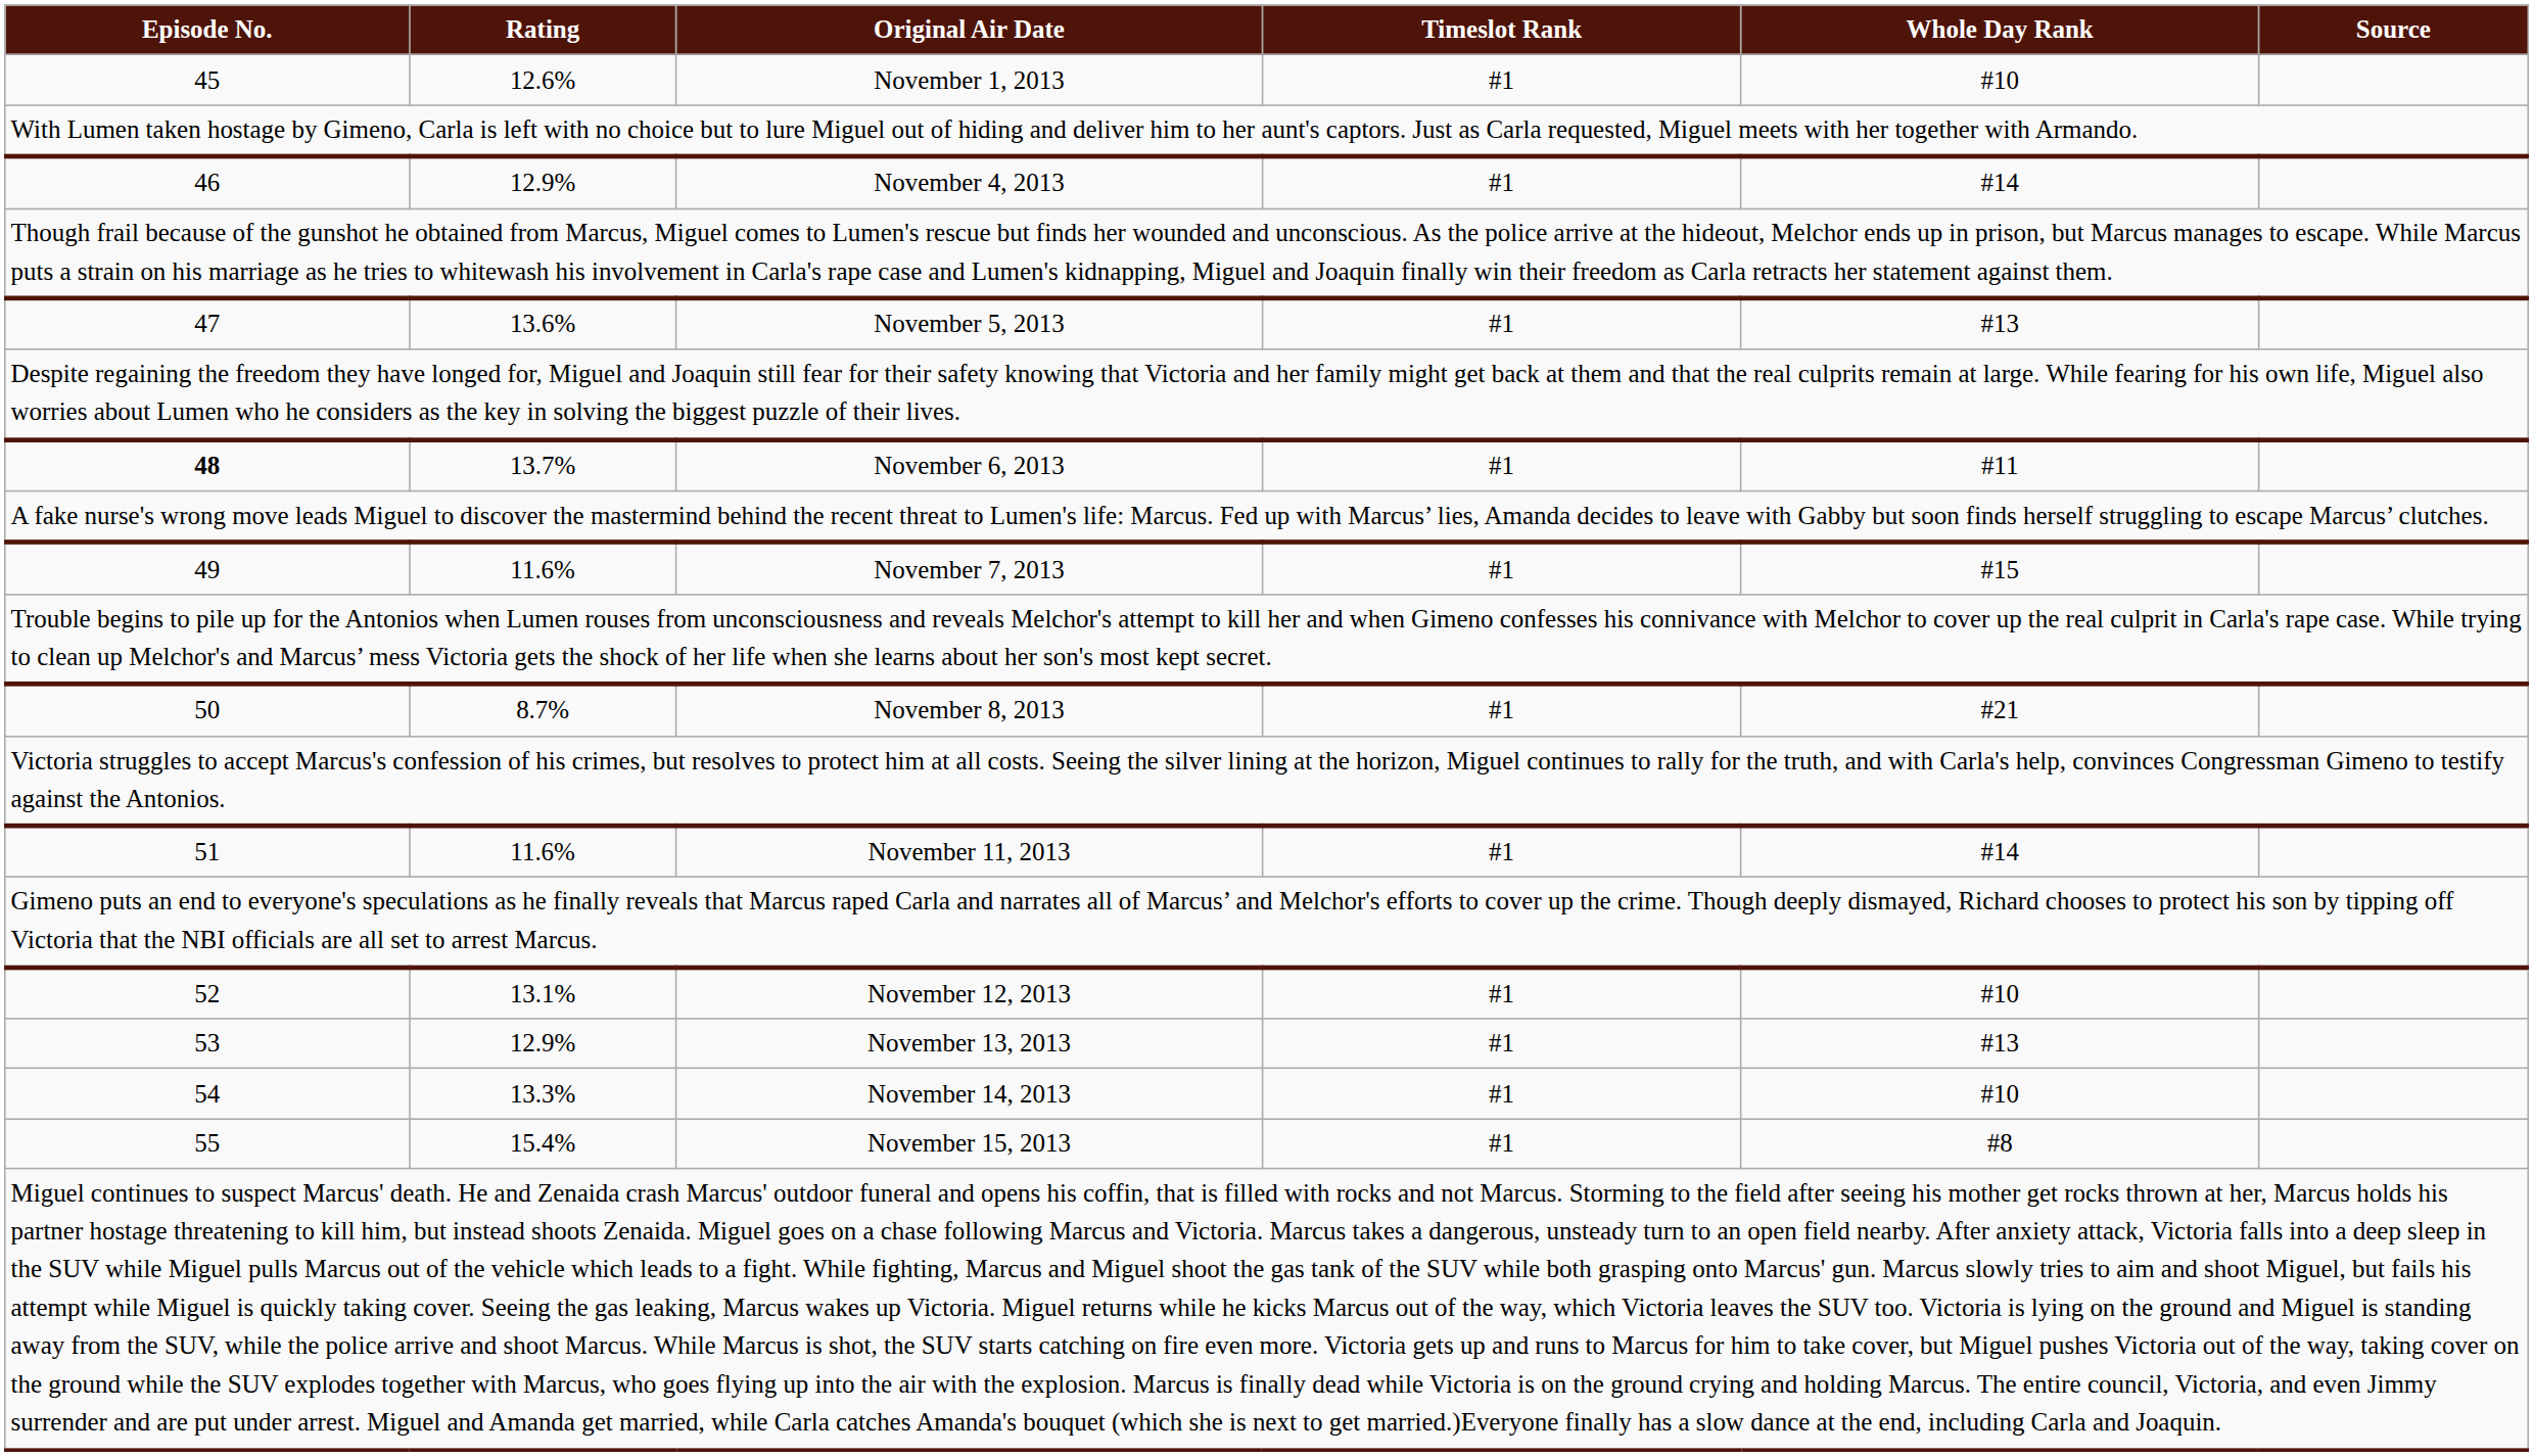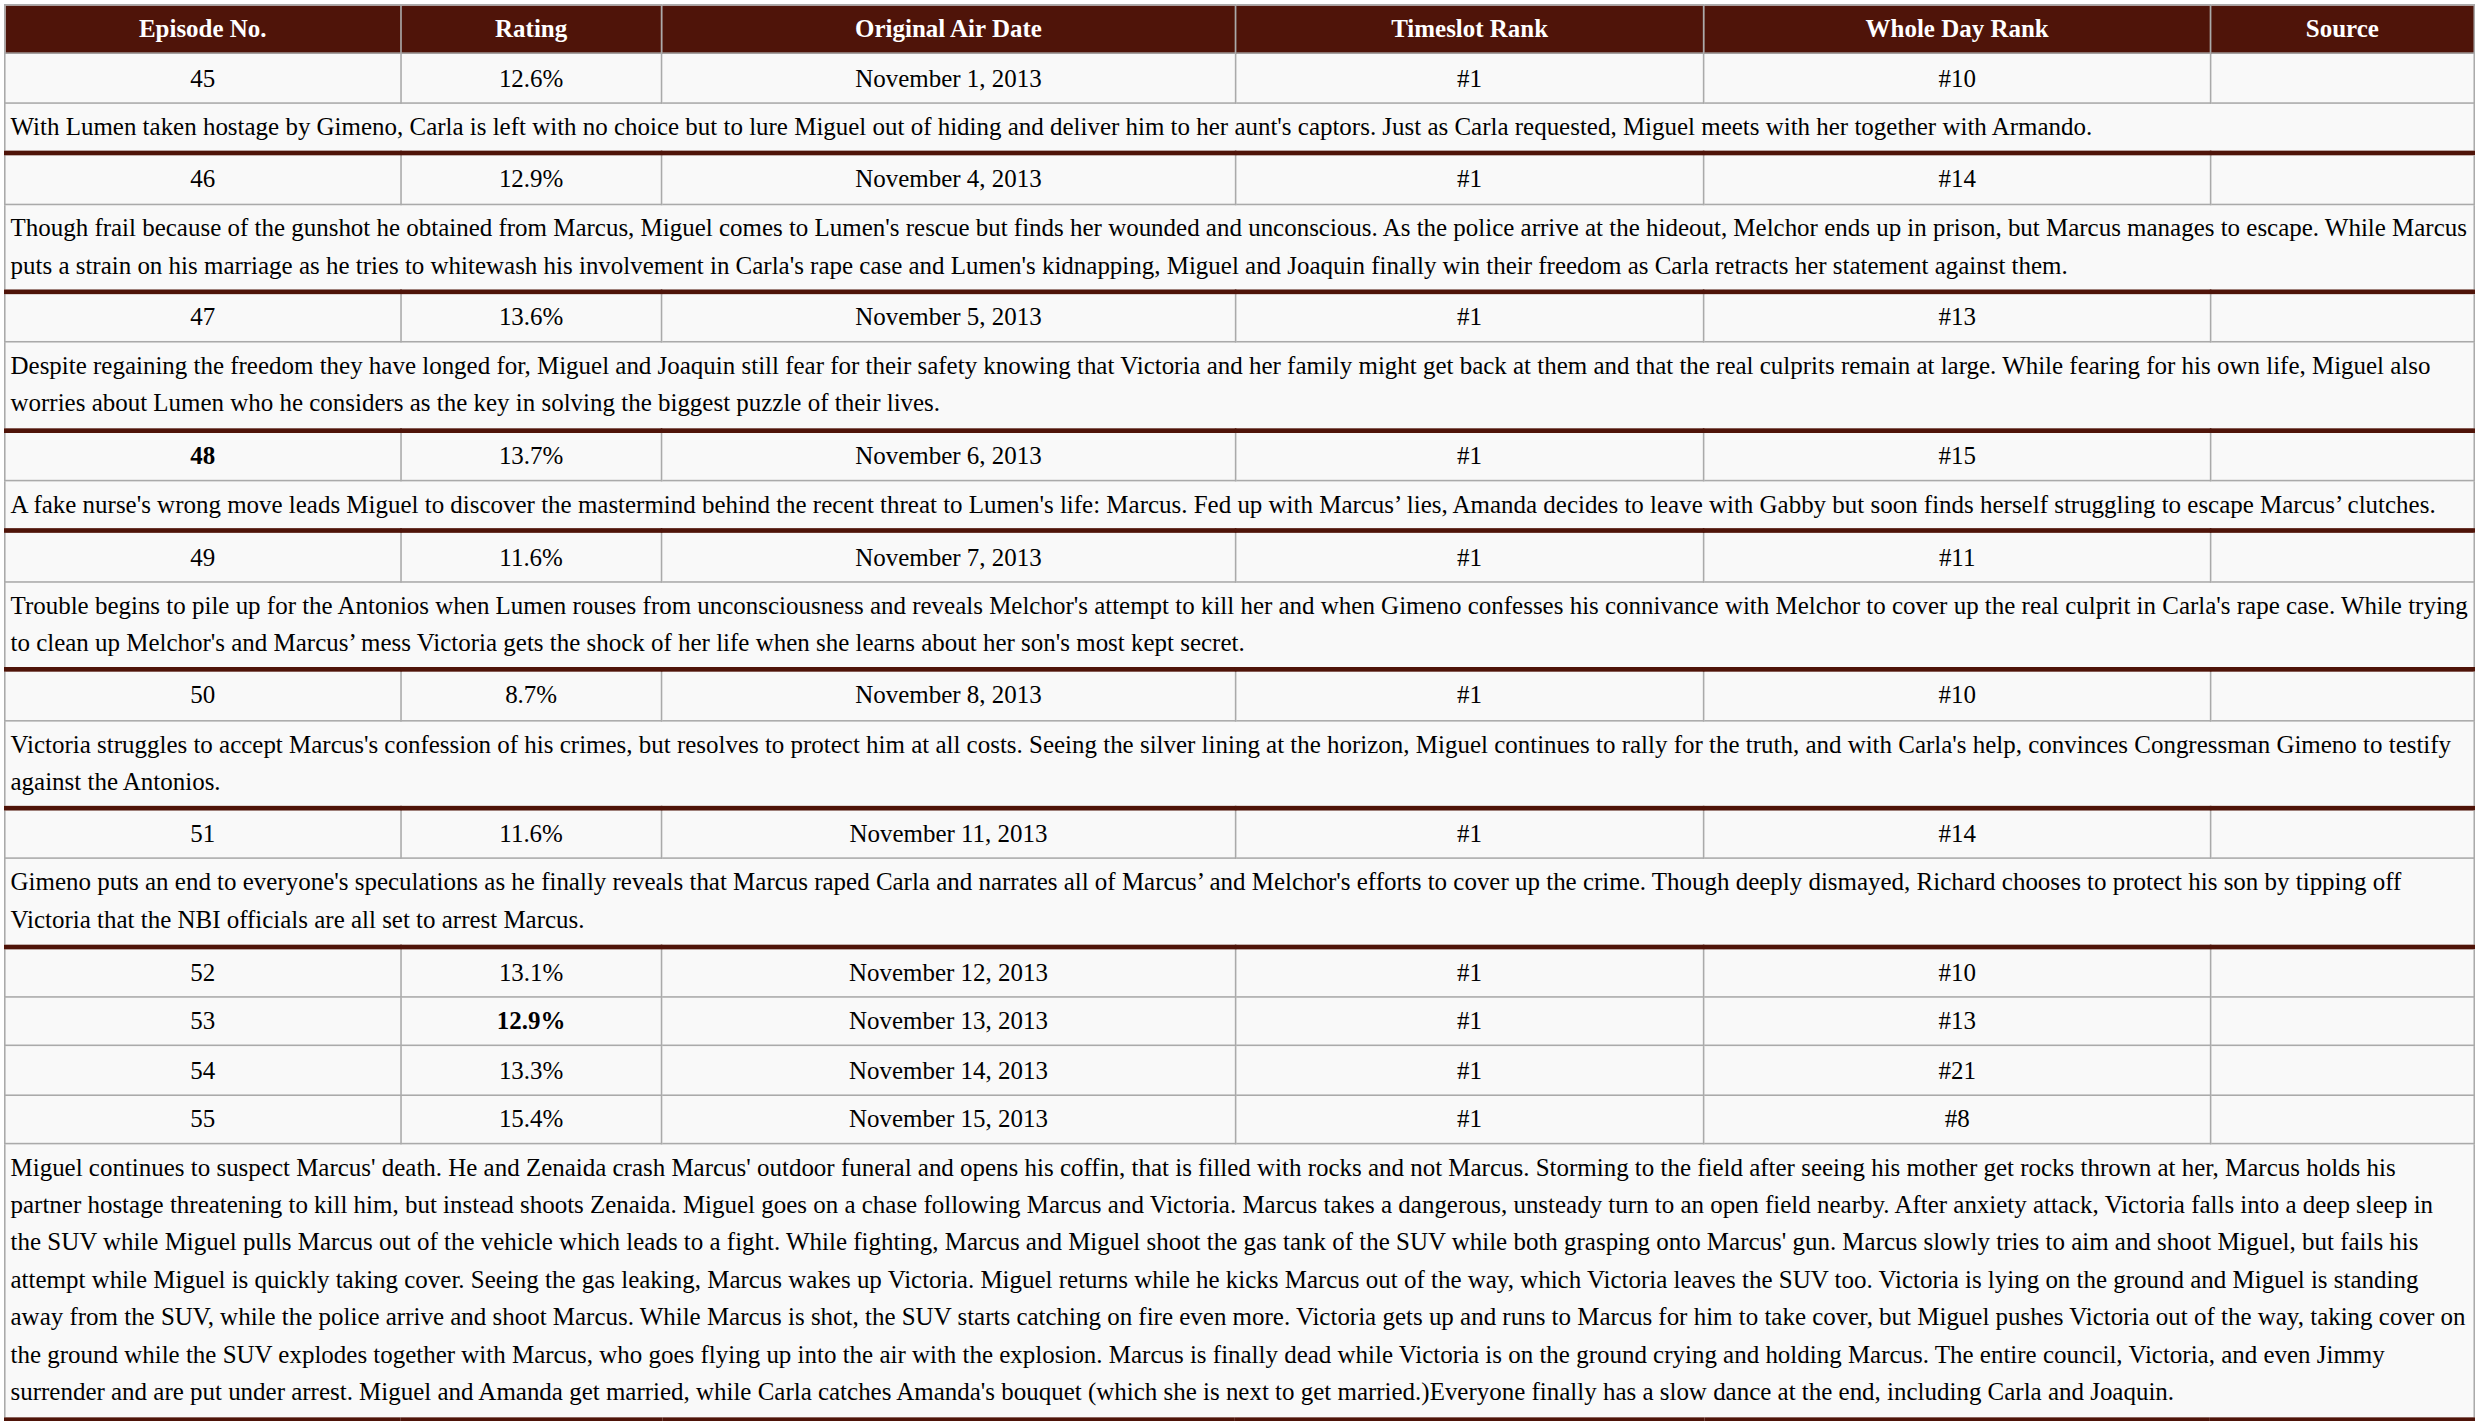 <table class="wikitable" style="text-align:center; background:#f9f9f9; line-height:16px; line-height:150%" width="100%">
 <tr style="color:white;">
 <th style="background:#4f1409;">Episode No.</th>
 <th style="background:#4f1409;">Rating</th>
 <th style="background:#4f1409;">Original Air Date</th>
 <th style="background:#4f1409;">Timeslot Rank</th>
 <th style="background:#4f1409;">Whole Day Rank</th>
 <th style="background:#4f1409;">Source</th>
 </tr>
 <tr>
 <td>45</td>
 <td>12.6%</td>
 <td>November 1, 2013</td>
 <td>#1</td>
 <td>#10</td>
 <td></td>
 </tr>
 <tr>
 <td colspan = "6" style="text-align: left; border-bottom: 3px solid #4f1409;">With Lumen taken hostage by Gimeno, Carla is left with no choice but to lure Miguel out of hiding and deliver him to her aunt's captors. Just as Carla requested, Miguel meets with her together with Armando.</td>
 </tr>
 <tr>
 <td>46</td>
 <td>12.9%</td>
 <td>November 4, 2013</td>
 <td>#1</td>
 <td>#14</td>
 <td></td>
 </tr>
 <tr>
 <td colspan = "6" style="text-align: left; border-bottom: 3px solid #4f1409;">Though frail because of the gunshot he obtained from Marcus, Miguel comes to Lumen's rescue but finds her wounded and unconscious. As the police arrive at the hideout, Melchor ends up in prison, but Marcus manages to escape. While Marcus puts a strain on his marriage as he tries to whitewash his involvement in Carla's rape case and Lumen's kidnapping, Miguel and Joaquin finally win their freedom as Carla retracts her statement against them.</td>
 </tr>
 <tr>
 <td>47</td>
 <td>13.6%</td>
 <td>November 5, 2013</td>
 <td>#1</td>
 <td>#13</td>
 <td></td>
 </tr>
 <tr>
 <td colspan = "6" style="text-align: left; border-bottom: 3px solid #4f1409;">Despite regaining the freedom they have longed for, Miguel and Joaquin still fear for their safety knowing that Victoria and her family might get back at them and that the real culprits remain at large. While fearing for his own life, Miguel also worries about Lumen who he considers as the key in solving the biggest puzzle of their lives.</td>
 </tr>
 <tr>
 <td><strong>48</strong></td>
 <td>13.7%</td>
 <td>November 6, 2013</td>
 <td>#1</td>
-<td>#11</td>
+<td>#15</td>
 <td></td>
 </tr>
 <tr>
 <td colspan = "6" style="text-align: left; border-bottom: 3px solid #4f1409;">A fake nurse's wrong move leads Miguel to discover the mastermind behind the recent threat to Lumen's life: Marcus. Fed up with Marcus’ lies, Amanda decides to leave with Gabby but soon finds herself struggling to escape Marcus’ clutches.</td>
 </tr>
 <tr>
 <td>49</td>
 <td>11.6%</td>
 <td>November 7, 2013</td>
 <td>#1</td>
-<td>#15</td>
+<td>#11</td>
 <td></td>
 </tr>
 <tr>
 <td colspan = "6" style="text-align: left; border-bottom: 3px solid #4f1409;">Trouble begins to pile up for the Antonios when Lumen rouses from unconsciousness and reveals Melchor's attempt to kill her and when Gimeno confesses his connivance with Melchor to cover up the real culprit in Carla's rape case. While trying to clean up Melchor's and Marcus’ mess Victoria gets the shock of her life when she learns about her son's most kept secret.</td>
 </tr>
 <tr>
 <td>50</td>
 <td>8.7%</td>
 <td>November 8, 2013</td>
 <td>#1</td>
-<td>#21</td>
+<td>#10</td>
 <td></td>
 </tr>
 <tr>
 <td colspan = "6" style="text-align: left; border-bottom: 3px solid #4f1409;">Victoria struggles to accept Marcus's confession of his crimes, but resolves to protect him at all costs. Seeing the silver lining at the horizon, Miguel continues to rally for the truth, and with Carla's help, convinces Congressman Gimeno to testify against the Antonios.</td>
 </tr>
 <tr>
 <td>51</td>
 <td>11.6%</td>
 <td>November 11, 2013</td>
 <td>#1</td>
 <td>#14</td>
 <td></td>
 </tr>
 <tr>
 <td colspan = "6" style="text-align: left; border-bottom: 3px solid #4f1409;">Gimeno puts an end to everyone's speculations as he finally reveals that Marcus raped Carla and narrates all of Marcus’ and Melchor's efforts to cover up the crime. Though deeply dismayed, Richard chooses to protect his son by tipping off Victoria that the NBI officials are all set to arrest Marcus.</td>
 </tr>
 <tr>
 <td>52</td>
 <td>13.1%</td>
 <td>November 12, 2013</td>
 <td>#1</td>
 <td>#10</td>
 <td></td>
 </tr>
 <tr>
 <td>53</td>
-<td>12.9%</td>
+<td><strong>12.9%</strong></td>
 <td>November 13, 2013</td>
 <td>#1</td>
 <td>#13</td>
 <td></td>
 </tr>
 <tr>
 <td>54</td>
 <td>13.3%</td>
 <td>November 14, 2013</td>
 <td>#1</td>
-<td>#10</td>
+<td>#21</td>
 <td></td>
 </tr>
 <tr>
 <td>55</td>
 <td>15.4%</td>
 <td>November 15, 2013</td>
 <td>#1</td>
 <td>#8</td>
 <td></td>
 </tr>
 <tr>
 <td colspan = "6" style="text-align: left; border-bottom: 3px solid #4f1409;">Miguel continues to suspect Marcus' death. He and Zenaida crash Marcus' outdoor funeral and opens his coffin, that is filled with rocks and not Marcus. Storming to the field after seeing his mother get rocks thrown at her, Marcus holds his partner hostage threatening to kill him, but instead shoots Zenaida. Miguel goes on a chase following Marcus and Victoria. Marcus takes a dangerous, unsteady turn to an open field nearby. After anxiety attack, Victoria falls into a deep sleep in the SUV while Miguel pulls Marcus out of the vehicle which leads to a fight. While fighting, Marcus and Miguel shoot the gas tank of the SUV while both grasping onto Marcus' gun. Marcus slowly tries to aim and shoot Miguel, but fails his attempt while Miguel is quickly taking cover. Seeing the gas leaking, Marcus wakes up Victoria. Miguel returns while he kicks Marcus out of the way, which Victoria leaves the SUV too. Victoria is lying on the ground and Miguel is standing away from the SUV, while the police arrive and shoot Marcus. While Marcus is shot, the SUV starts catching on fire even more. Victoria gets up and runs to Marcus for him to take cover, but Miguel pushes Victoria out of the way, taking cover on the ground while the SUV explodes together with Marcus, who goes flying up into the air with the explosion. Marcus is finally dead while Victoria is on the ground crying and holding Marcus. The entire council, Victoria, and even Jimmy surrender and are put under arrest. Miguel and Amanda get married, while Carla catches Amanda's bouquet (which she is next to get married.)Everyone finally has a slow dance at the end, including Carla and Joaquin.</td>
 </tr>
 </table>
